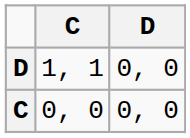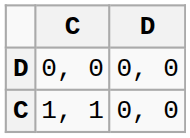 <table class="wikitable" align=right style="margin:1em 0 1em 1em; font-size:95%;">
 <tr>
 <td></td>
 <th>C</th>
 <th>D</th>
 </tr>
 <tr>
 <th>D</th>
-<td>1, 1</td>
+<td>0, 0</td>
 <td>0, 0</td>
 </tr>
 <tr>
 <th>C</th>
-<td>0, 0</td>
+<td>1, 1</td>
 <td>0, 0</td>
 </tr>
 </table>
